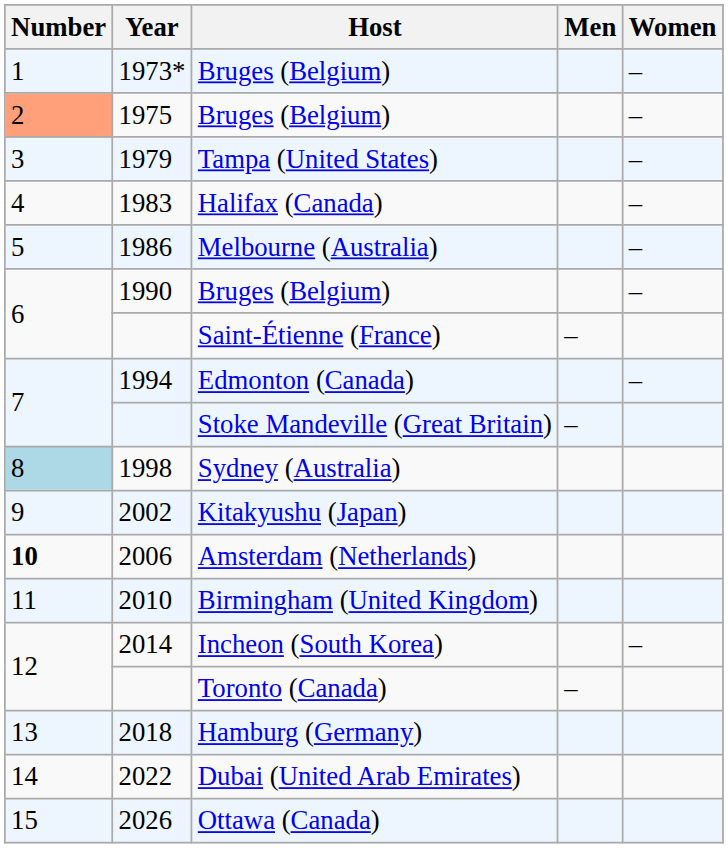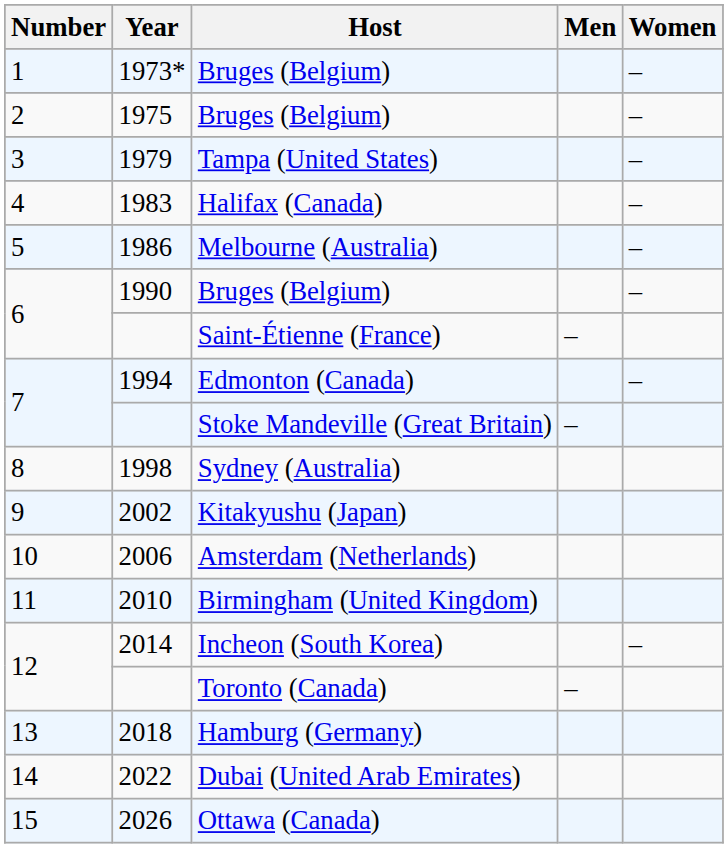 <table class="wikitable" style="font-size: 95%">
 <tr style="background:#efefef">
 <th>Number</th>
 <th>Year</th>
 <th>Host</th>
 <th>Men</th>
 <th>Women</th>
 </tr>
 <tr bgcolor=#EDF6FF>
 <td>1</td>
 <td>1973*</td>
 <td><a href='#'>Bruges</a> (<a href='#'>Belgium</a>)</td>
 <td></td>
 <td>–</td>
 </tr>
 <tr>
-<td style="background: lightsalmon;">2</td>
+<td>2</td>
 <td>1975</td>
 <td><a href='#'>Bruges</a> (<a href='#'>Belgium</a>)</td>
 <td></td>
 <td>–</td>
 </tr>
 <tr bgcolor=#EDF6FF>
 <td>3</td>
 <td>1979</td>
 <td><a href='#'>Tampa</a> (<a href='#'>United States</a>)</td>
 <td></td>
 <td>–</td>
 </tr>
 <tr>
 <td>4</td>
 <td>1983</td>
 <td><a href='#'>Halifax</a> (<a href='#'>Canada</a>)</td>
 <td></td>
 <td>–</td>
 </tr>
 <tr bgcolor=#EDF6FF>
 <td>5</td>
 <td>1986</td>
 <td><a href='#'>Melbourne</a> (<a href='#'>Australia</a>)</td>
 <td></td>
 <td>–</td>
 </tr>
 <tr>
 <td rowspan=2>6</td>
 <td>1990</td>
 <td><a href='#'>Bruges</a> (<a href='#'>Belgium</a>)</td>
 <td></td>
 <td>–</td>
 </tr>
 <tr>
 <td></td>
 <td><a href='#'>Saint-Étienne</a> (<a href='#'>France</a>)</td>
 <td>–</td>
 <td></td>
 </tr>
 <tr bgcolor=#EDF6FF>
 <td rowspan=2>7</td>
 <td>1994</td>
 <td><a href='#'>Edmonton</a> (<a href='#'>Canada</a>)</td>
 <td></td>
 <td>–</td>
 </tr>
 <tr bgcolor=#EDF6FF>
 <td></td>
 <td><a href='#'>Stoke Mandeville</a> (<a href='#'>Great Britain</a>)</td>
 <td>–</td>
 <td></td>
 </tr>
 <tr>
-<td style="background: lightblue;">8</td>
+<td>8</td>
 <td>1998</td>
 <td><a href='#'>Sydney</a> (<a href='#'>Australia</a>)</td>
 <td></td>
 <td></td>
 </tr>
 <tr bgcolor=#EDF6FF>
 <td>9</td>
 <td>2002</td>
 <td><a href='#'>Kitakyushu</a> (<a href='#'>Japan</a>)</td>
 <td></td>
 <td></td>
 </tr>
 <tr>
-<td><strong>10</strong></td>
+<td>10</td>
 <td>2006</td>
 <td><a href='#'>Amsterdam</a> (<a href='#'>Netherlands</a>)</td>
 <td></td>
 <td></td>
 </tr>
 <tr bgcolor=#EDF6FF>
 <td>11</td>
 <td>2010</td>
 <td><a href='#'>Birmingham</a> (<a href='#'>United Kingdom</a>)</td>
 <td></td>
 <td></td>
 </tr>
 <tr>
 <td rowspan=2>12</td>
 <td>2014 </td>
 <td><a href='#'>Incheon</a> (<a href='#'>South Korea</a>)</td>
 <td></td>
 <td>–</td>
 </tr>
 <tr>
 <td></td>
 <td><a href='#'>Toronto</a> (<a href='#'>Canada</a>)</td>
 <td>–</td>
 <td></td>
 </tr>
 <tr bgcolor=#EDF6FF>
 <td>13</td>
 <td>2018</td>
 <td><a href='#'>Hamburg</a> (<a href='#'>Germany</a>)</td>
 <td></td>
 <td></td>
 </tr>
 <tr>
 <td>14</td>
 <td>2022</td>
 <td><a href='#'>Dubai</a> (<a href='#'>United Arab Emirates</a>)</td>
 <td></td>
 <td></td>
 </tr>
 <tr bgcolor=#EDF6FF>
 <td>15</td>
 <td>2026</td>
 <td><a href='#'>Ottawa</a> (<a href='#'>Canada</a>)</td>
 <td></td>
 <td></td>
 </tr>
 </table>
